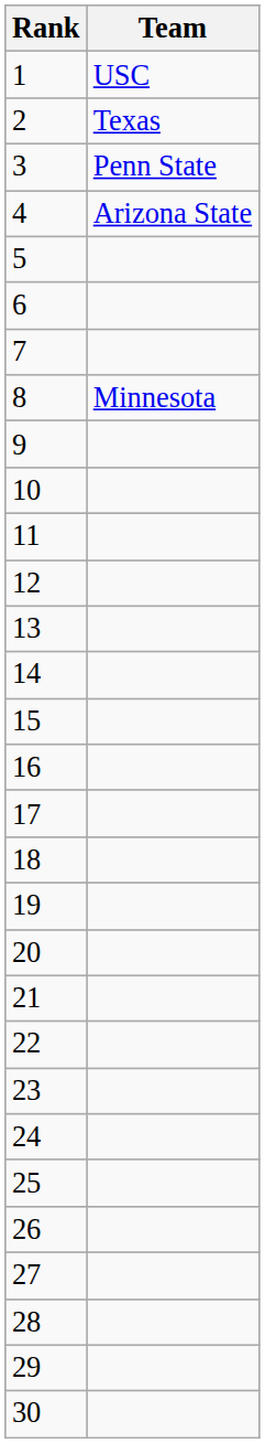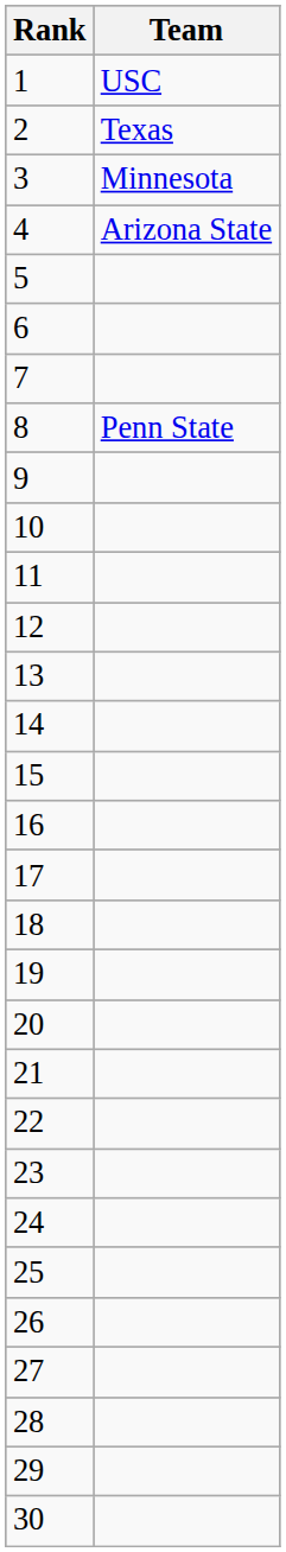 <table class=wikitable>
 <tr>
 <th>Rank</th>
 <th>Team</th>
 </tr>
 <tr>
 <td>1</td>
 <td><a href='#'>USC</a></td>
 </tr>
 <tr>
 <td>2</td>
 <td><a href='#'>Texas</a></td>
 </tr>
 <tr>
 <td>3</td>
-<td><a href='#'>Penn State</a></td>
+<td><a href='#'>Minnesota</a></td>
 </tr>
 <tr>
 <td>4</td>
 <td><a href='#'>Arizona State</a></td>
 </tr>
 <tr>
 <td>5</td>
 <td></td>
 </tr>
 <tr>
 <td>6</td>
 <td></td>
 </tr>
 <tr>
 <td>7</td>
 <td></td>
 </tr>
 <tr>
 <td>8</td>
-<td><a href='#'>Minnesota</a></td>
+<td><a href='#'>Penn State</a></td>
 </tr>
 <tr>
 <td>9</td>
 <td></td>
 </tr>
 <tr>
 <td>10</td>
 <td></td>
 </tr>
 <tr>
 <td>11</td>
 <td></td>
 </tr>
 <tr>
 <td>12</td>
 <td></td>
 </tr>
 <tr>
 <td>13</td>
 <td></td>
 </tr>
 <tr>
 <td>14</td>
 <td></td>
 </tr>
 <tr>
 <td>15</td>
 <td></td>
 </tr>
 <tr>
 <td>16</td>
 <td></td>
 </tr>
 <tr>
 <td>17</td>
 <td></td>
 </tr>
 <tr>
 <td>18</td>
 <td></td>
 </tr>
 <tr>
 <td>19</td>
 <td></td>
 </tr>
 <tr>
 <td>20</td>
 <td></td>
 </tr>
 <tr>
 <td>21</td>
 <td></td>
 </tr>
 <tr>
 <td>22</td>
 <td></td>
 </tr>
 <tr>
 <td>23</td>
 <td></td>
 </tr>
 <tr>
 <td>24</td>
 <td></td>
 </tr>
 <tr>
 <td>25</td>
 <td></td>
 </tr>
 <tr>
 <td>26</td>
 <td></td>
 </tr>
 <tr>
 <td>27</td>
 <td></td>
 </tr>
 <tr>
 <td>28</td>
 <td></td>
 </tr>
 <tr>
 <td>29</td>
 <td></td>
 </tr>
 <tr>
 <td>30</td>
 <td></td>
 </tr>
 </table>
